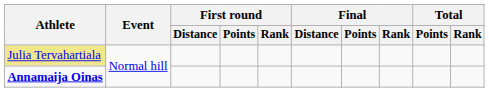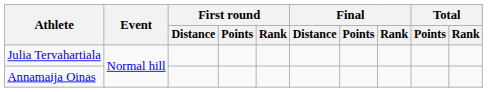 <table class="wikitable" style="font-size:90%">
 <tr>
 <th rowspan=2>Athlete</th>
 <th rowspan=2>Event</th>
 <th colspan=3>First round</th>
 <th colspan=3>Final</th>
 <th colspan=2>Total</th>
 </tr>
 <tr style="font-size:95%">
 <th>Distance</th>
 <th>Points</th>
 <th>Rank</th>
 <th>Distance</th>
 <th>Points</th>
 <th>Rank</th>
 <th>Points</th>
 <th>Rank</th>
 </tr>
 <tr align=center>
-<td align=left style="background: khaki;"><a href='#'>Julia Tervahartiala</a></td>
+<td align=left><a href='#'>Julia Tervahartiala</a></td>
 <td align=left rowspan=2><a href='#'>Normal hill</a></td>
 <td></td>
 <td></td>
 <td></td>
 <td></td>
 <td></td>
 <td></td>
 <td></td>
 <td></td>
 </tr>
 <tr align=center>
-<td align=left><strong><a href='#'>Annamaija Oinas</a></strong></td>
+<td align=left><a href='#'>Annamaija Oinas</a></td>
 <td></td>
 <td></td>
 <td></td>
 <td></td>
 <td></td>
 <td></td>
 <td></td>
 <td></td>
 </tr>
 </table>
